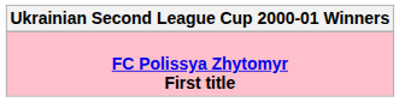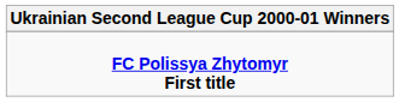 <table class="wikitable" style="text-align: center; margin: 0 auto;">
 <tr>
 <th>Ukrainian Second League Cup 2000-01 Winners</th>
 </tr>
 <tr>
 </tr>
 <tr>
-<td style="background: pink;"><br><strong><a href='#'>FC Polissya Zhytomyr</a></strong><br><strong>First title</strong></td>
+<td><br><strong><a href='#'>FC Polissya Zhytomyr</a></strong><br><strong>First title</strong></td>
 </tr>
 </table>
